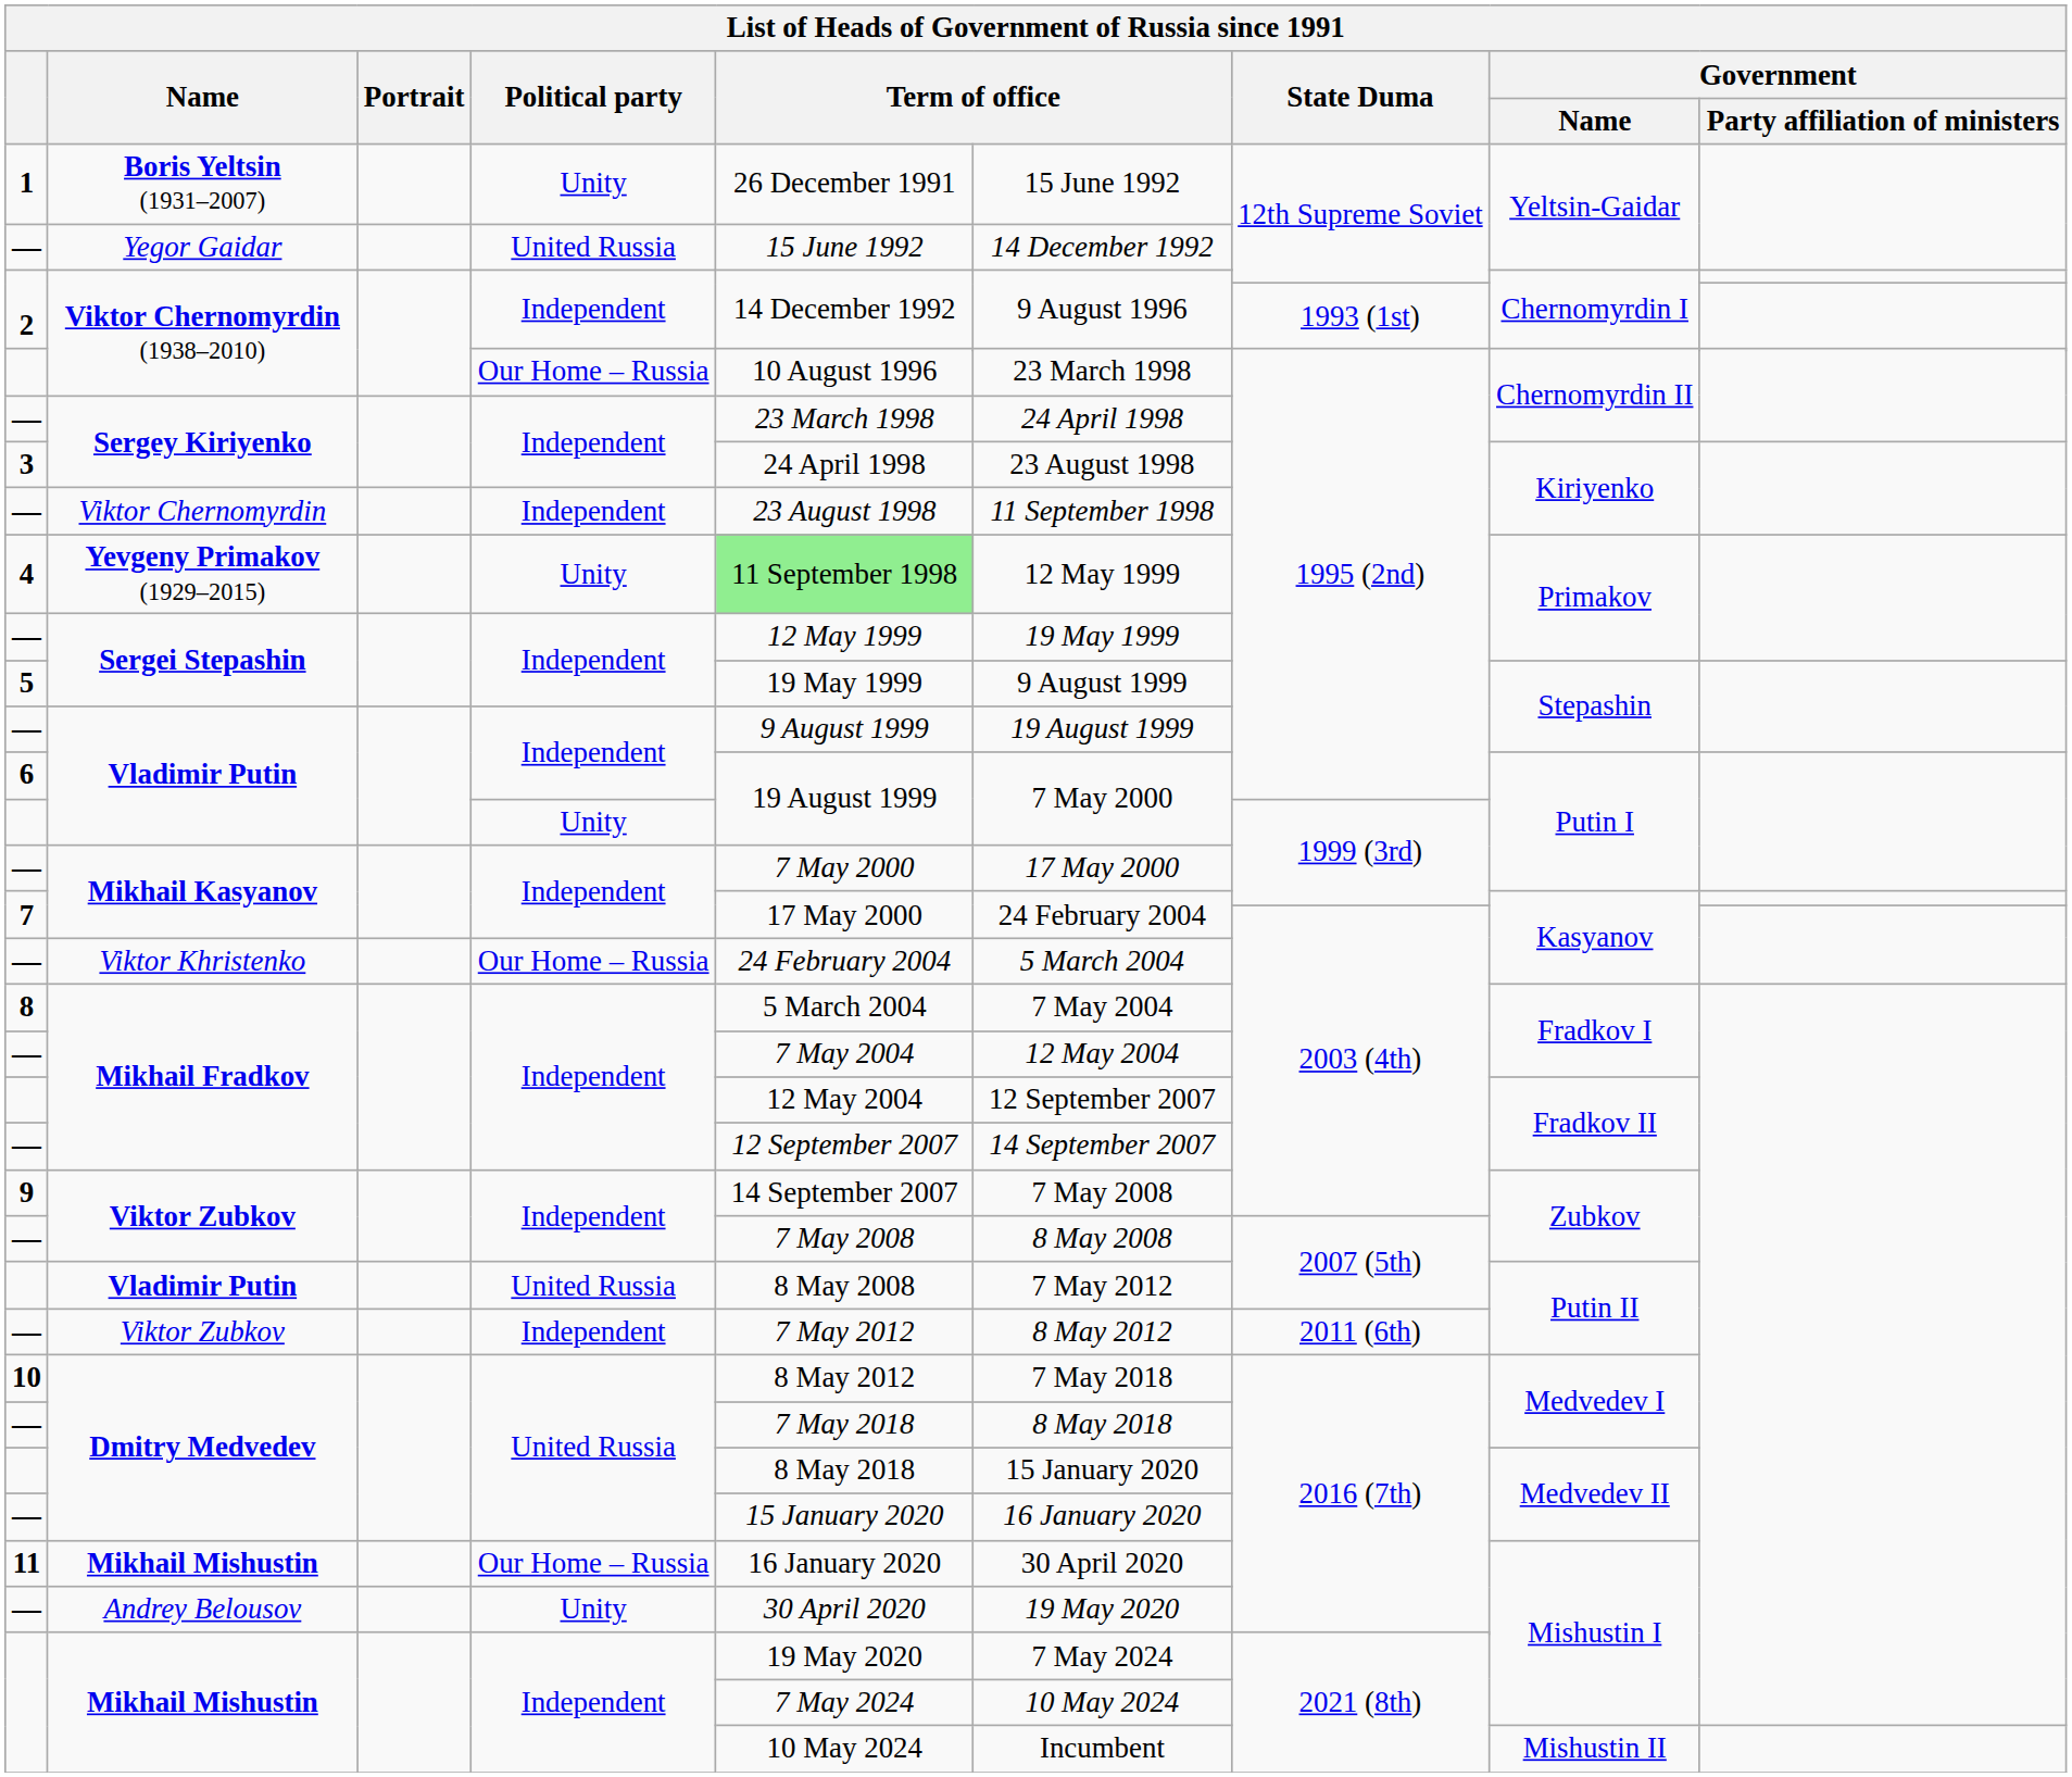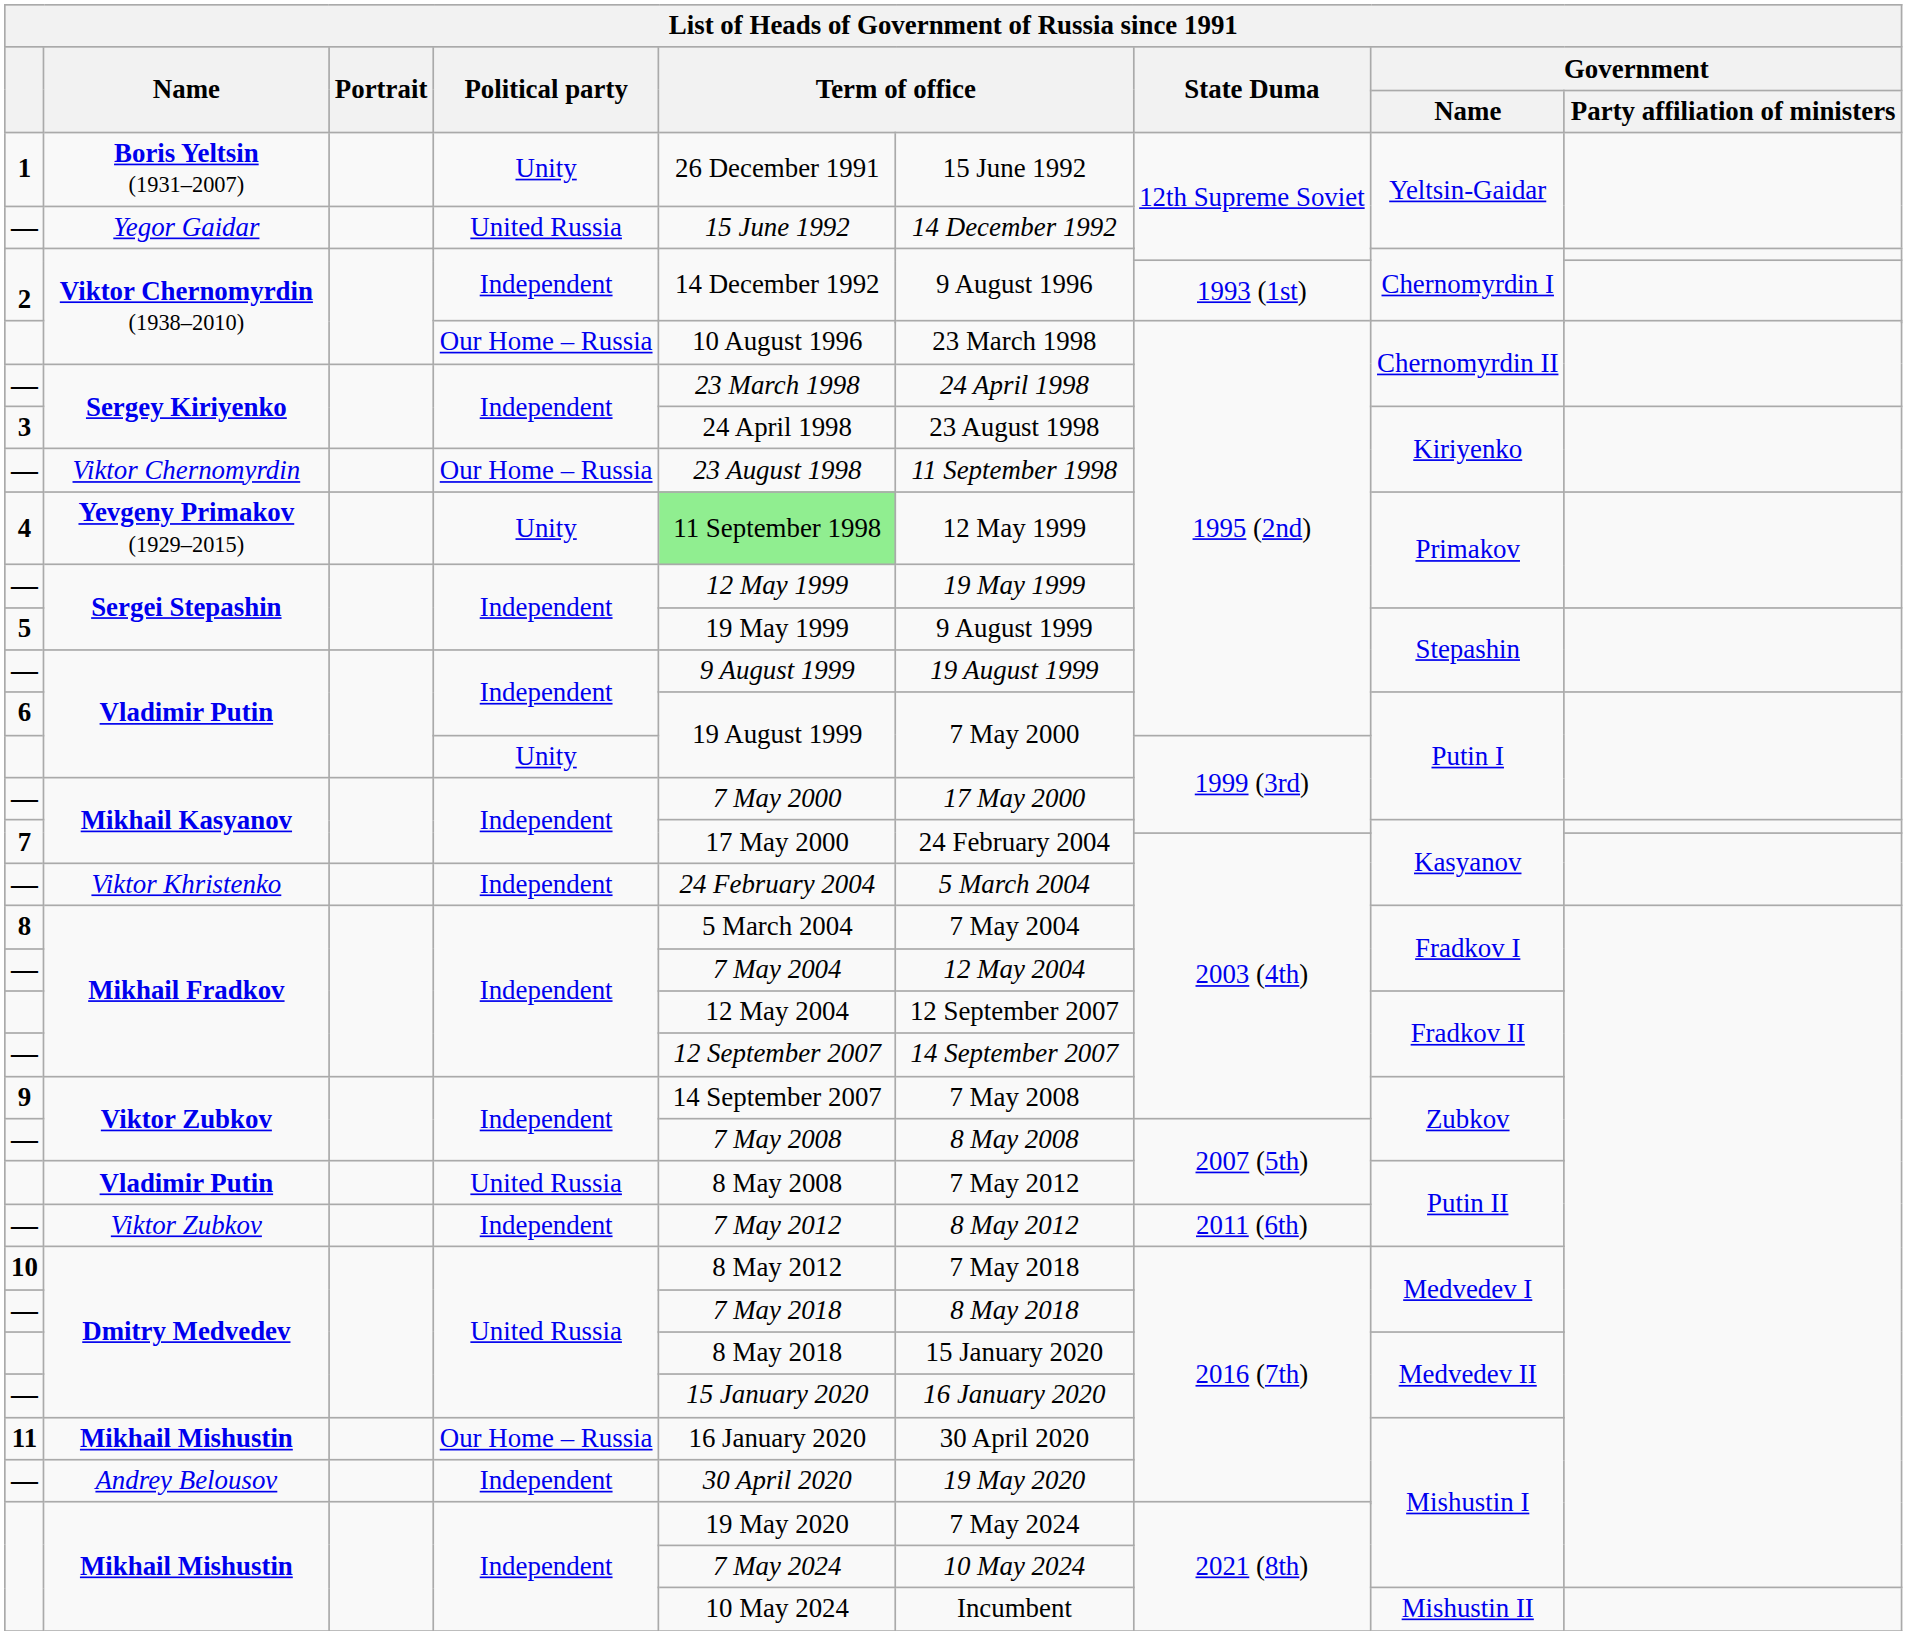 <table class="wikitable" style="text-align:center">
 <tr>
 <th colspan=9>List of Heads of Government of Russia since 1991</th>
 </tr>
 <tr>
 <th rowspan=2></th>
 <th width=15% rowspan=2>Name<br></th>
 <th rowspan=2>Portrait</th>
 <th rowspan=2>Political party</th>
 <th width=25% rowspan=2 colspan=2>Term of office</th>
 <th rowspan=2 colspan=1>State Duma</th>
 <th colspan=2>Government</th>
 </tr>
 <tr>
 <th>Name</th>
 <th>Party affiliation of ministers</th>
 </tr>
 <tr>
 <td rowspan=1 style="background:"><strong>1</strong></td>
 <td rowspan=1><strong><a href='#'>Boris Yeltsin</a></strong><br><small>(1931–2007)</small></td>
 <td rowspan=1></td>
 <td rowspan=1><a href='#'>Unity</a></td>
 <td>26 December 1991</td>
 <td>15 June 1992</td>
 <td rowspan=4><a href='#'>12th Supreme Soviet</a></td>
 <td rowspan=2 ><a href='#'>Yeltsin-Gaidar</a></td>
 <td rowspan=3 ></td>
 </tr>
 <tr>
 <td style="background:"><strong>—</strong></td>
 <td><em><a href='#'>Yegor Gaidar</a></em><br></td>
 <td></td>
 <td rowspan=1><a href='#'>United Russia</a></td>
 <td><em>15 June 1992</em></td>
 <td><em>14 December 1992</em></td>
 </tr>
 <tr>
 <td rowspan=3 style="background:"><br><strong>2</strong></td>
 <td rowspan=5><strong><a href='#'>Viktor Chernomyrdin</a></strong><br><small>(1938–2010)</small></td>
 <td rowspan=5></td>
 <td rowspan=3><a href='#'>Independent</a></td>
 <td rowspan=4>14 December 1992</td>
 <td rowspan=4>9 August 1996</td>
 <td rowspan=4 ><a href='#'>Chernomyrdin I</a></td>
 </tr>
 <tr>
 <td rowspan=1 ></td>
 </tr>
 <tr>
 <td><a href='#'>1993</a> (<a href='#'>1st</a>)</td>
 <td rowspan=2 ></td>
 </tr>
 <tr>
 <td rowspan=2 style="background-color:"></td>
 <td rowspan=2><a href='#'>Our Home – Russia</a></td>
 <td rowspan=10><a href='#'>1995</a> (<a href='#'>2nd</a>)</td>
 </tr>
 <tr>
 <td rowspan=1>10 August 1996</td>
 <td rowspan=1>23 March 1998</td>
 <td rowspan=2 ><a href='#'>Chernomyrdin II</a></td>
 <td rowspan=2 ></td>
 </tr>
 <tr>
 <td style="background:"><strong>—</strong></td>
 <td rowspan=2><strong><a href='#'>Sergey Kiriyenko</a></strong><br></td>
 <td rowspan=2></td>
 <td rowspan=2><a href='#'>Independent</a></td>
 <td><em>23 March 1998</em></td>
 <td><em>24 April 1998</em></td>
 </tr>
 <tr>
 <td style="background:"><strong>3</strong></td>
 <td>24 April 1998</td>
 <td>23 August 1998</td>
 <td rowspan=2 ><a href='#'>Kiriyenko</a></td>
 <td rowspan=2 ></td>
 </tr>
 <tr>
 <td style="background:"><strong>—</strong></td>
 <td><em><a href='#'>Viktor Chernomyrdin</a></em><br></td>
 <td></td>
-<td><a href='#'>Independent</a></td>
+<td><a href='#'>Our Home – Russia</a></td>
 <td><em>23 August 1998</em></td>
 <td><em>11 September 1998</em></td>
 </tr>
 <tr>
 <td style="background:"><strong>4</strong></td>
 <td rowspan=1><strong><a href='#'>Yevgeny Primakov</a></strong><br><small>(1929–2015)</small></td>
 <td rowspan=1></td>
 <td rowspan=1><a href='#'>Unity</a></td>
 <td style="background: lightgreen;">11 September 1998</td>
 <td>12 May 1999</td>
 <td rowspan=2 ><a href='#'>Primakov</a></td>
 <td rowspan=2 ></td>
 </tr>
 <tr>
 <td style="background:"><strong>—</strong></td>
 <td rowspan=2><strong><a href='#'>Sergei Stepashin</a></strong><br></td>
 <td rowspan=2></td>
 <td rowspan=2><a href='#'>Independent</a></td>
 <td><em>12 May 1999</em></td>
 <td><em>19 May 1999</em></td>
 </tr>
 <tr>
 <td style="background:"><strong>5</strong></td>
 <td>19 May 1999</td>
 <td>9 August 1999</td>
 <td rowspan=2 ><a href='#'>Stepashin</a></td>
 <td rowspan=2 ></td>
 </tr>
 <tr>
 <td style="background:"><strong>—</strong></td>
 <td rowspan=3><strong><a href='#'>Vladimir Putin</a></strong><br></td>
 <td rowspan=3></td>
 <td rowspan=2><a href='#'>Independent</a></td>
 <td><em>9 August 1999</em></td>
 <td><em>19 August 1999</em></td>
 </tr>
 <tr>
 <td rowspan=1 style="background:"><strong>6</strong></td>
 <td rowspan=2>19 August 1999</td>
 <td rowspan=2>7 May 2000</td>
 <td rowspan=3 ><a href='#'>Putin I</a></td>
 <td rowspan=3 ></td>
 </tr>
 <tr>
 <td rowspan=1 style="background-color:"></td>
 <td rowspan=1><a href='#'>Unity</a></td>
 <td rowspan=3><a href='#'>1999</a> (<a href='#'>3rd</a>)</td>
 </tr>
 <tr>
 <td style="background:"><strong>—</strong></td>
 <td rowspan=3><strong><a href='#'>Mikhail Kasyanov</a></strong><br></td>
 <td rowspan=3></td>
 <td rowspan=3><a href='#'>Independent</a></td>
 <td><em>7 May 2000</em></td>
 <td><em>17 May 2000</em></td>
 </tr>
 <tr>
 <td rowspan=2 style="background:"><strong>7</strong></td>
 <td rowspan=2>17 May 2000</td>
 <td rowspan=2>24 February 2004</td>
 <td rowspan=3 ><a href='#'>Kasyanov</a></td>
 <td rowspan=1 ></td>
 </tr>
 <tr>
 <td rowspan=7><a href='#'>2003</a> (<a href='#'>4th</a>)</td>
 <td rowspan=2 ></td>
 </tr>
 <tr>
 <td style="background:"><strong>—</strong></td>
 <td><em><a href='#'>Viktor Khristenko</a></em><br></td>
 <td></td>
-<td><a href='#'>Our Home – Russia</a></td>
+<td><a href='#'>Independent</a></td>
 <td><em>24 February 2004</em></td>
 <td><em>5 March 2004</em></td>
 </tr>
 <tr>
 <td style="background:"><strong>8</strong></td>
 <td rowspan=4><strong><a href='#'>Mikhail Fradkov</a></strong><br></td>
 <td rowspan=4></td>
 <td rowspan=4><a href='#'>Independent</a></td>
 <td>5 March 2004</td>
 <td>7 May 2004</td>
 <td rowspan=2 ><a href='#'>Fradkov I</a></td>
 <td rowspan=18 ></td>
 </tr>
 <tr>
 <td style="background:"><strong>—</strong></td>
 <td><em>7 May 2004</em></td>
 <td><em>12 May 2004</em></td>
 </tr>
 <tr>
 <td style="background:"></td>
 <td>12 May 2004</td>
 <td>12 September 2007</td>
 <td rowspan=2 ><a href='#'>Fradkov II</a></td>
 </tr>
 <tr>
 <td style="background:"><strong>—</strong></td>
 <td><em>12 September 2007</em></td>
 <td><em>14 September 2007</em></td>
 </tr>
 <tr>
 <td style="background:"><strong>9</strong></td>
 <td rowspan=2><strong><a href='#'>Viktor Zubkov</a></strong><br></td>
 <td rowspan=2></td>
 <td rowspan=2><a href='#'>Independent</a></td>
 <td>14 September 2007</td>
 <td>7 May 2008</td>
 <td rowspan=2 ><a href='#'>Zubkov</a></td>
 </tr>
 <tr>
 <td style="background:"><strong>—</strong></td>
 <td><em>7 May 2008</em></td>
 <td><em>8 May 2008</em></td>
 <td rowspan=2><a href='#'>2007</a> (<a href='#'>5th</a>)</td>
 </tr>
 <tr>
 <td style="background:"></td>
 <td rowspan=1><strong><a href='#'>Vladimir Putin</a></strong><br></td>
 <td rowspan=1></td>
 <td rowspan=1><a href='#'>United Russia</a></td>
 <td>8 May 2008</td>
 <td>7 May 2012</td>
 <td rowspan=2 ><a href='#'>Putin II</a></td>
 </tr>
 <tr>
 <td style="background:"><strong>—</strong></td>
 <td><em><a href='#'>Viktor Zubkov</a></em><br></td>
 <td></td>
 <td><a href='#'>Independent</a></td>
 <td><em>7 May 2012</em></td>
 <td><em>8 May 2012</em></td>
 <td rowspan=2><a href='#'>2011</a> (<a href='#'>6th</a>)</td>
 </tr>
 <tr>
 <td rowspan=2 style="background:"><strong>10</strong></td>
 <td rowspan=5><strong><a href='#'>Dmitry Medvedev</a></strong><br></td>
 <td rowspan=5></td>
 <td rowspan=5><a href='#'>United Russia</a></td>
 <td rowspan=2>8 May 2012</td>
 <td rowspan=2>7 May 2018</td>
 <td rowspan=3 ><a href='#'>Medvedev I</a></td>
 </tr>
 <tr>
 <td rowspan=7><a href='#'>2016</a> (<a href='#'>7th</a>)</td>
 </tr>
 <tr>
 <td style="background:"><strong>—</strong></td>
 <td><em>7 May 2018</em></td>
 <td><em>8 May 2018</em></td>
 </tr>
 <tr>
 <td style="background:"></td>
 <td>8 May 2018</td>
 <td>15 January 2020</td>
 <td rowspan=2 ><a href='#'>Medvedev II</a></td>
 </tr>
 <tr>
 <td style="background:"><strong>—</strong></td>
 <td><em>15 January 2020</em></td>
 <td><em>16 January 2020</em></td>
 </tr>
 <tr>
 <td style="background:"><strong>11</strong></td>
 <td rowspan=1><strong><a href='#'>Mikhail Mishustin</a></strong><br></td>
 <td rowspan=1></td>
 <td><a href='#'>Our Home – Russia</a></td>
 <td>16 January 2020</td>
 <td>30 April 2020</td>
 <td rowspan=5 ><a href='#'>Mishustin I</a></td>
 </tr>
 <tr>
 <td style="background:"><strong>—</strong></td>
 <td><em><a href='#'>Andrey Belousov</a></em><br></td>
 <td></td>
-<td rowspan=1><a href='#'>Unity</a></td>
+<td><a href='#'>Independent</a></td>
 <td><em>30 April 2020</em></td>
 <td><em>19 May 2020</em></td>
 </tr>
 <tr>
 <td rowspan=4 style="background:"></td>
 <td rowspan="4"><strong><a href='#'>Mikhail Mishustin</a></strong><br></td>
 <td rowspan="4"></td>
 <td rowspan="4"><a href='#'>Independent</a></td>
 <td rowspan=2>19 May 2020</td>
 <td rowspan=2>7 May 2024</td>
 </tr>
 <tr>
 <td rowspan="5"><a href='#'>2021</a> (<a href='#'>8th</a>)</td>
 </tr>
 <tr>
 <td><em>7 May 2024</em></td>
 <td><em>10 May 2024</em></td>
 </tr>
 <tr>
 <td>10 May 2024</td>
 <td>Incumbent</td>
 <td rowspan=6 ><a href='#'>Mishustin II</a></td>
 <td rowspan=18 ></td>
 </tr>
 </table>
